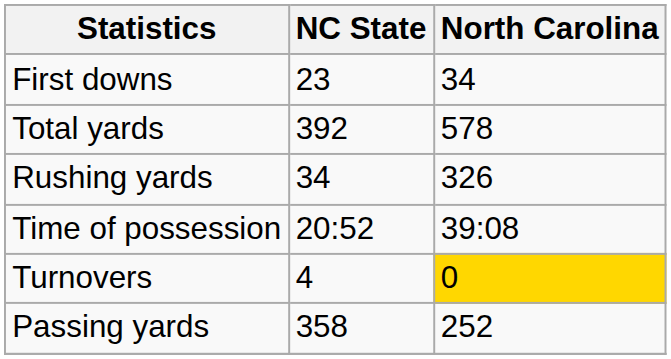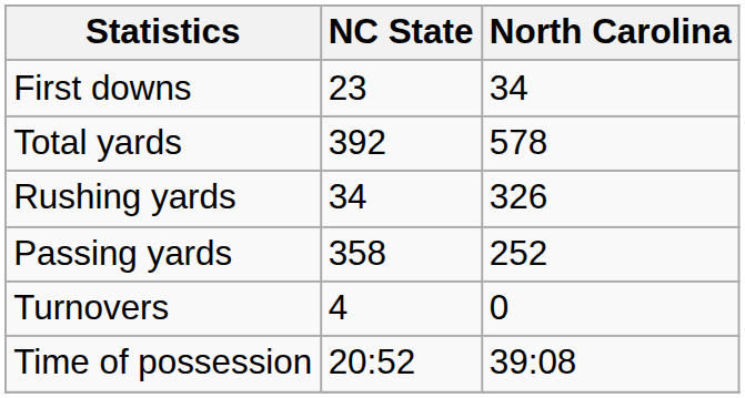 <table class="wikitable"}>
 <tr>
 <th>Statistics</th>
 <th>NC State</th>
 <th>North Carolina</th>
 </tr>
 <tr>
 <td>First downs</td>
 <td>23</td>
 <td>34</td>
 </tr>
 <tr>
 <td>Total yards</td>
 <td>392</td>
 <td>578</td>
 </tr>
 <tr>
 <td>Rushing yards</td>
 <td>34</td>
 <td>326</td>
 </tr>
 <tr>
+<td>Passing yards</td>
+<td>358</td>
+<td>252</td>
+</tr>
+<tr>
+<td>Turnovers</td>
+<td>4</td>
+<td>0</td>
+</tr>
+<tr>
 <td>Time of possession</td>
 <td>20:52</td>
 <td>39:08</td>
 </tr>
 <tr>
-<td>Turnovers</td>
-<td>4</td>
-<td style="background: gold;">0</td>
-</tr>
-<tr>
-<td>Passing yards</td>
-<td>358</td>
-<td>252</td>
-</tr>
-<tr>
 </tr>
 </table>
